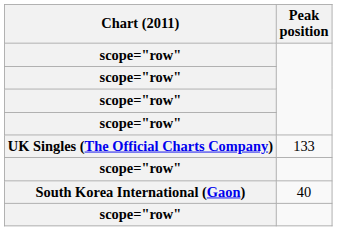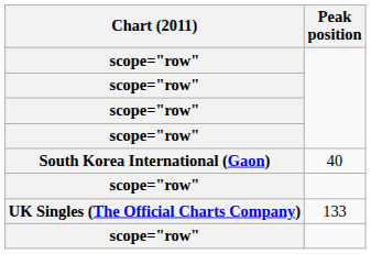 <table class="wikitable sortable plainrowheaders" style="text-align:center">
 <tr>
 <th scope="col">Chart (2011)</th>
 <th scope="col">Peak<br>position</th>
 </tr>
 <tr>
 <th>scope="row"</th>
 </tr>
 <tr>
 <th>scope="row"</th>
 </tr>
 <tr>
 <th>scope="row"</th>
 </tr>
 <tr>
 <th>scope="row"</th>
 </tr>
 <tr>
+<th scope="row">South Korea International (<a href='#'>Gaon</a>)</th>
+<td>40</td>
+</tr>
+<tr>
+<th>scope="row"</th>
+</tr>
+<tr>
 <th scope="row">UK Singles (<a href='#'>The Official Charts Company</a>)</th>
 <td align="center">133</td>
 </tr>
 <tr>
 <th>scope="row"</th>
 </tr>
-<tr>
-<th scope="row">South Korea International (<a href='#'>Gaon</a>)</th>
-<td>40</td>
-</tr>
-<tr>
-<th>scope="row"</th>
-</tr>
 </table>
